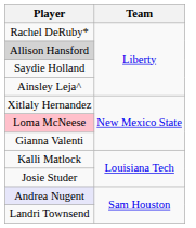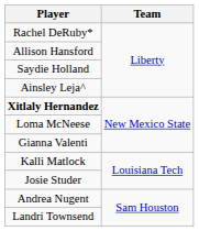 <table class="wikitable" style="text-align: center;">
 <tr>
 <th>Player</th>
 <th>Team</th>
 </tr>
 <tr>
 <td>Rachel DeRuby*</td>
 <td rowspan=4><a href='#'>Liberty</a></td>
 </tr>
 <tr>
-<td style="background: lightgrey;">Allison Hansford</td>
+<td>Allison Hansford</td>
 </tr>
 <tr>
 <td>Saydie Holland</td>
 </tr>
 <tr>
 <td>Ainsley Leja^</td>
 </tr>
 <tr>
-<td>Xitlaly Hernandez</td>
+<td><strong>Xitlaly Hernandez</strong></td>
 <td rowspan=3><a href='#'>New Mexico State</a></td>
 </tr>
 <tr>
-<td style="background: pink;">Loma McNeese</td>
+<td>Loma McNeese</td>
 </tr>
 <tr>
 <td>Gianna Valenti</td>
 </tr>
 <tr>
 <td>Kalli Matlock</td>
 <td rowspan=2><a href='#'>Louisiana Tech</a></td>
 </tr>
 <tr>
 <td>Josie Studer</td>
 </tr>
 <tr>
-<td style="background: lavender;">Andrea Nugent</td>
+<td>Andrea Nugent</td>
 <td rowspan=2><a href='#'>Sam Houston</a></td>
 </tr>
 <tr>
 <td>Landri Townsend</td>
 </tr>
 </table>
